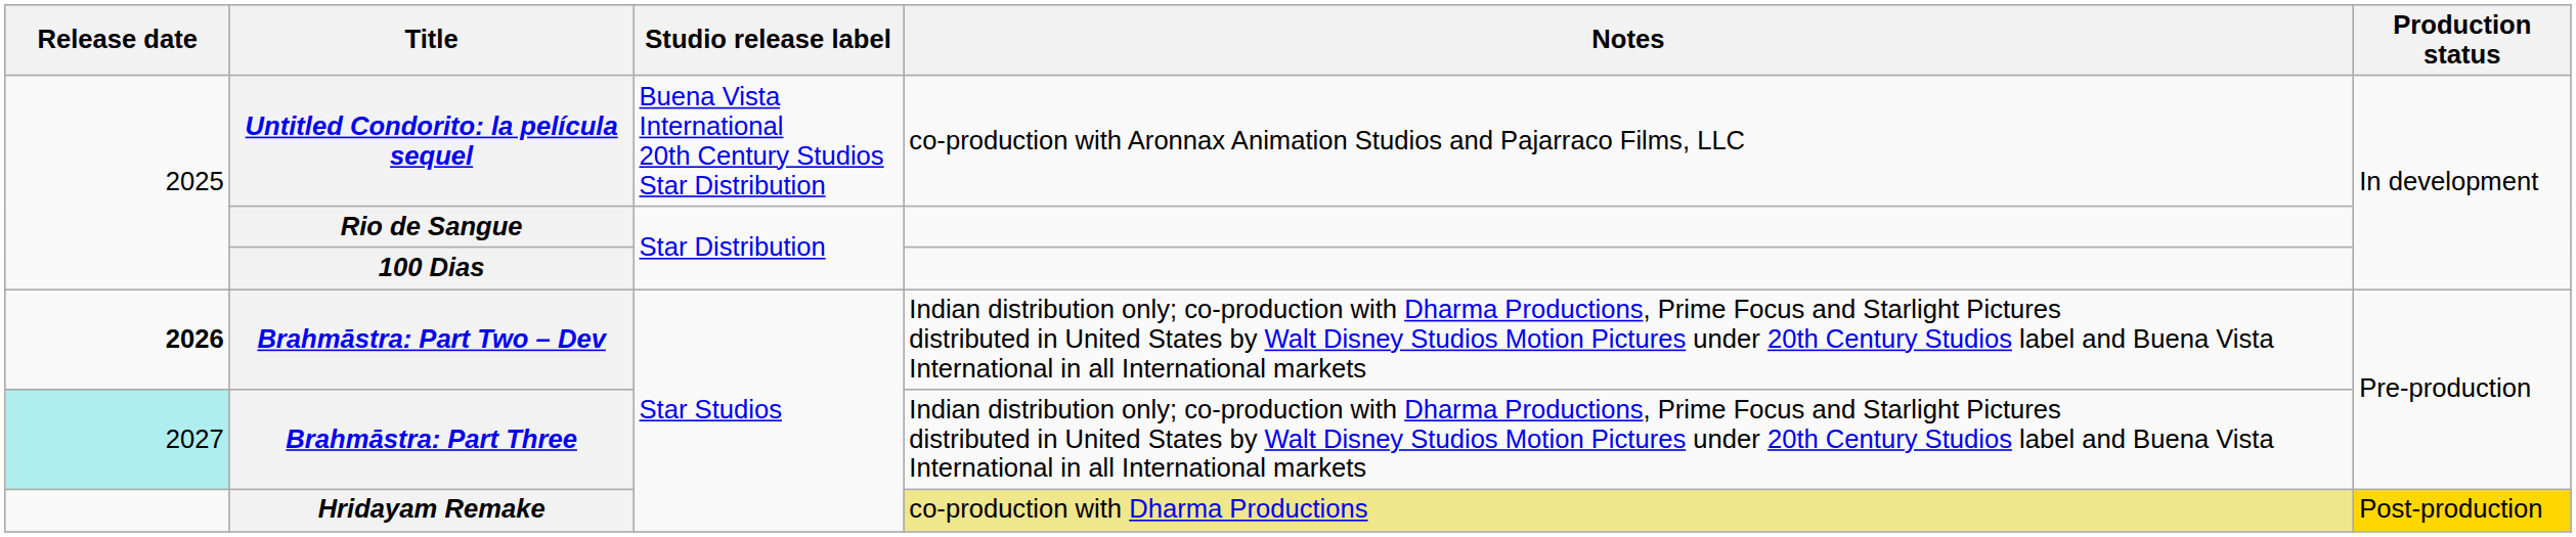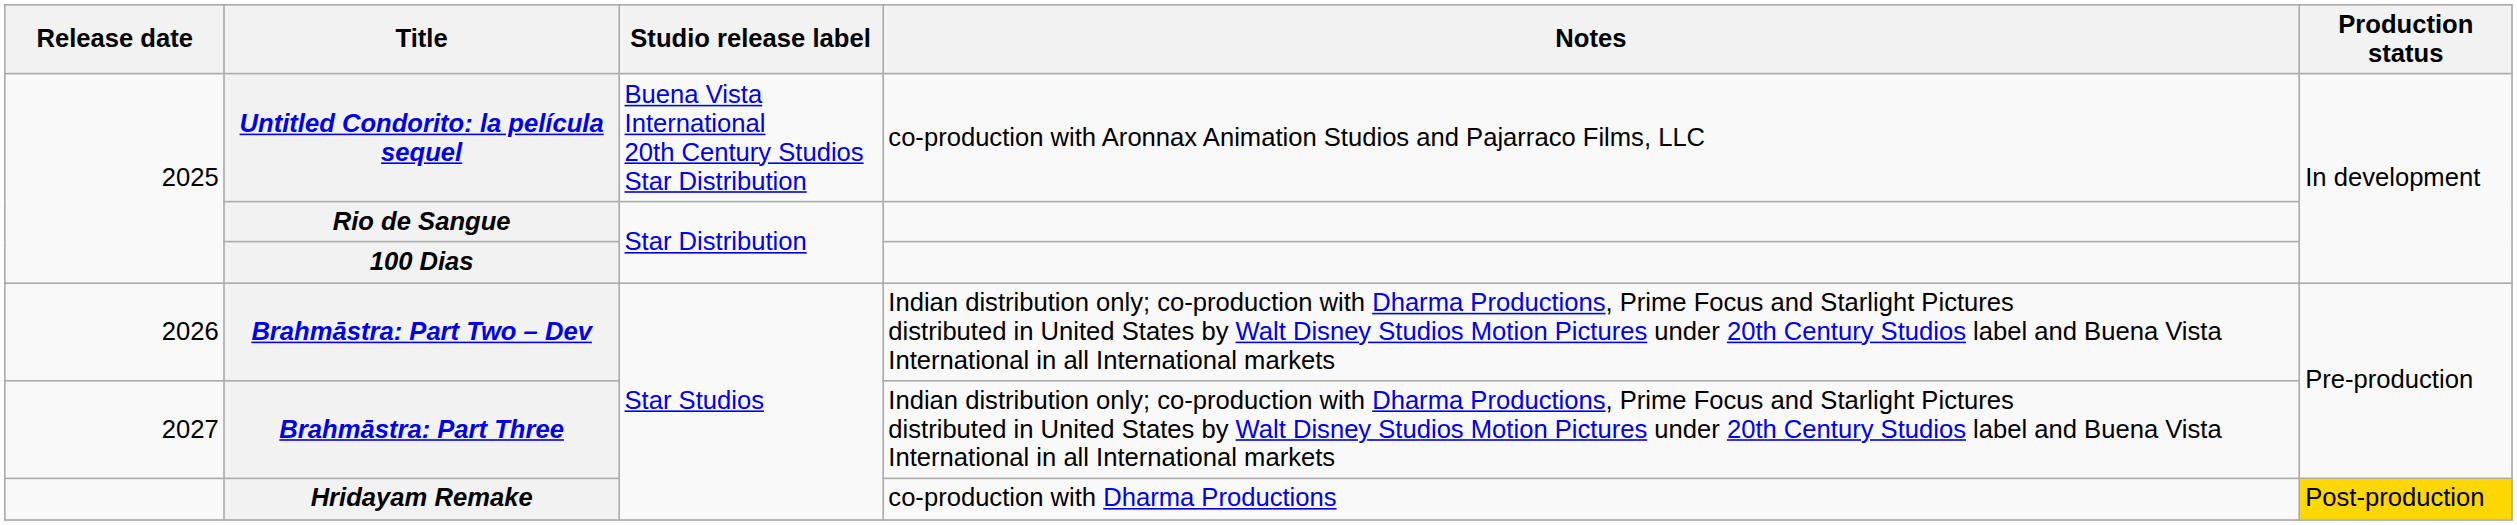 <table class="wikitable plainrowheaders sortable" style="width:99%;">
 <tr>
 <th scope="col" style="width:130px;">Release date</th>
 <th scope="col">Title</th>
 <th scope="col">Studio release label</th>
 <th scope="col" class="unsortable">Notes</th>
 <th>Production status</th>
 </tr>
 <tr>
 <td rowspan=3 style="text-align:right;">2025</td>
 <th scope="row"><em><a href='#'>Untitled Condorito: la película sequel</a></em></th>
 <td><a href='#'>Buena Vista International</a><br><a href='#'>20th Century Studios</a><br><a href='#'>Star Distribution</a></td>
 <td>co-production with Aronnax Animation Studios and Pajarraco Films, LLC</td>
 <td rowspan=3>In development</td>
 </tr>
 <tr>
 <th scope="row"><em>Rio de Sangue</em></th>
 <td rowspan=2><a href='#'>Star Distribution</a></td>
 <td></td>
 </tr>
 <tr>
 <th scope="row"><em>100 Dias</em></th>
 <td></td>
 </tr>
 <tr>
-<td style="text-align:right;"><strong>2026</strong></td>
+<td style="text-align:right;">2026</td>
 <th scope="row"><em><a href='#'>Brahmāstra: Part Two – Dev</a></em></th>
 <td rowspan="3"><a href='#'>Star Studios</a></td>
 <td>Indian distribution only; co-production with <a href='#'>Dharma Productions</a>, Prime Focus and Starlight Pictures<br>distributed in United States by <a href='#'>Walt Disney Studios Motion Pictures</a> under <a href='#'>20th Century Studios</a> label and Buena Vista International in all International markets</td>
 <td rowspan="2">Pre-production</td>
 </tr>
 <tr>
-<td style="background: paleturquoise; text-align:right;">2027</td>
+<td style="text-align:right;">2027</td>
 <th scope="row"><a href='#'><em>Brahmāstra: Part Three</em></a></th>
 <td>Indian distribution only; co-production with <a href='#'>Dharma Productions</a>, Prime Focus and Starlight Pictures<br>distributed in United States by <a href='#'>Walt Disney Studios Motion Pictures</a> under <a href='#'>20th Century Studios</a> label and Buena Vista International in all International markets</td>
 </tr>
 <tr>
 <td rowspan="3" style="text-align:right;"></td>
 <th scope="row"><em>Hridayam Remake</em></th>
-<td style="background: khaki;">co-production with <a href='#'>Dharma Productions</a></td>
+<td>co-production with <a href='#'>Dharma Productions</a></td>
 <td style="background: gold;">Post-production</td>
 </tr>
 </table>
